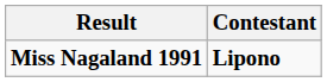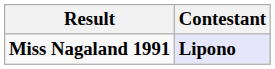 <table class="wikitable">
 <tr>
 <th>Result</th>
 <th>Contestant</th>
 </tr>
 <tr>
 <td><strong>Miss Nagaland 1991</strong></td>
-<td><strong>Lipono</strong></td>
+<td style="background: lavender;"><strong>Lipono</strong></td>
 </tr>
 </table>
